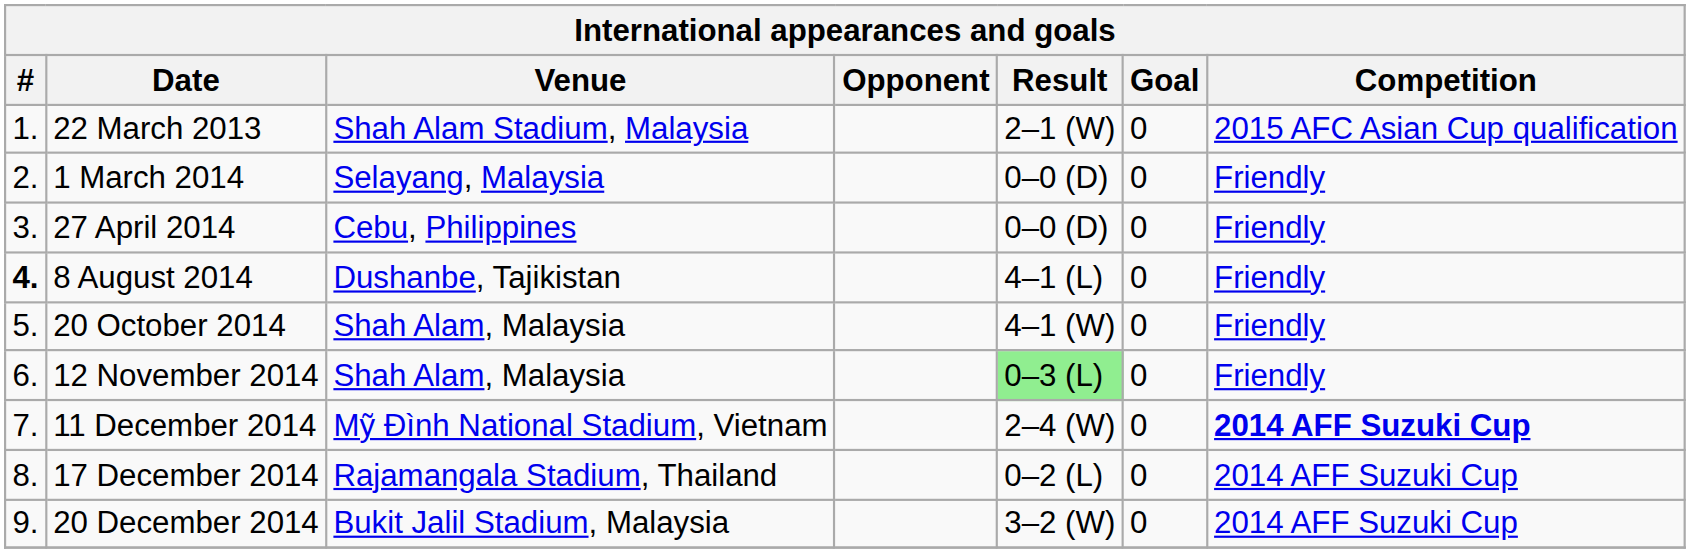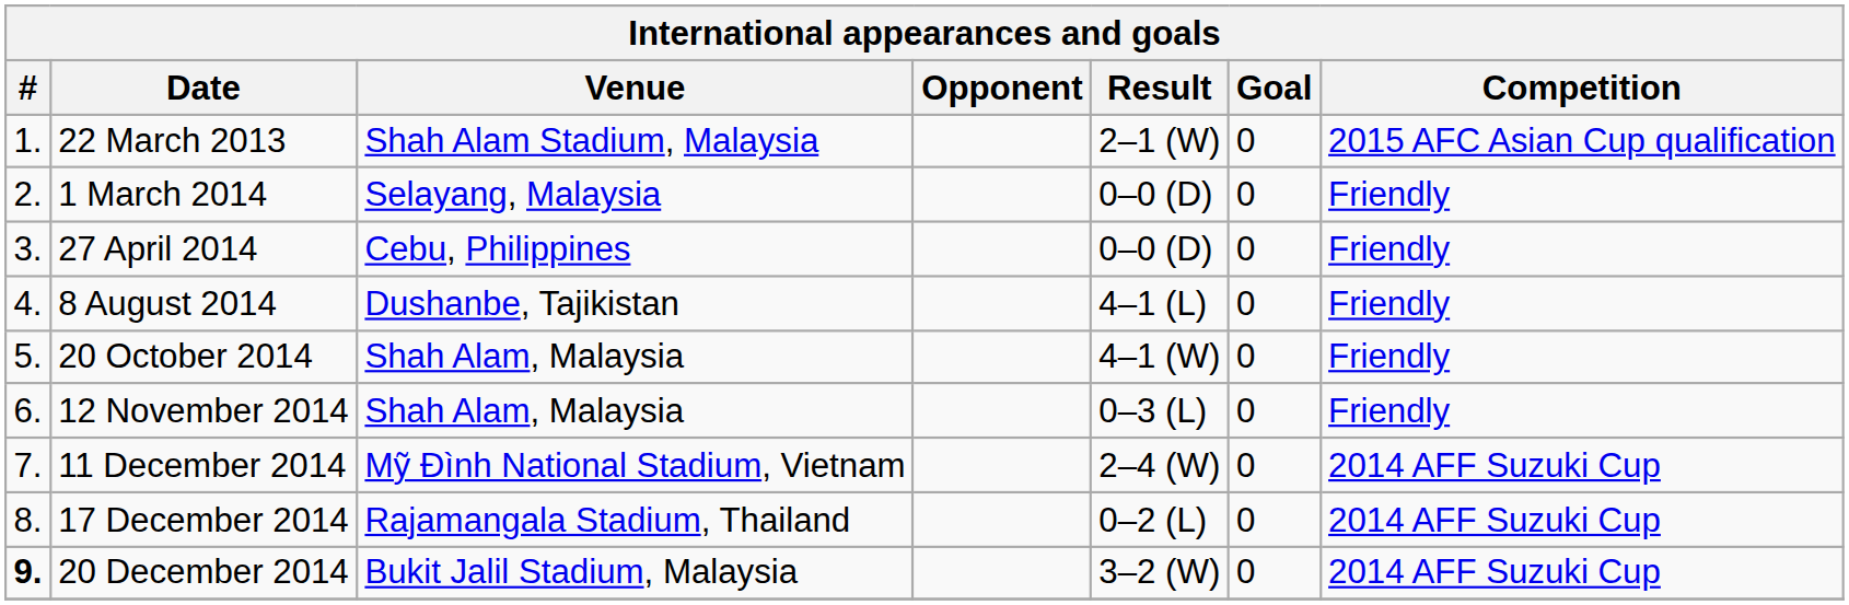 <table class="wikitable collapsible collapsed" style="font-size:90%">
 <tr>
 <th colspan=7>International appearances and goals</th>
 </tr>
 <tr>
 <th>#</th>
 <th>Date</th>
 <th>Venue</th>
 <th>Opponent</th>
 <th>Result</th>
 <th>Goal</th>
 <th>Competition</th>
 </tr>
 <tr>
 <td>1.</td>
 <td>22 March 2013</td>
 <td><a href='#'>Shah Alam Stadium</a>, <a href='#'>Malaysia</a></td>
 <td></td>
 <td>2–1 (W)</td>
 <td>0</td>
 <td><a href='#'>2015 AFC Asian Cup qualification</a></td>
 </tr>
 <tr>
 <td>2.</td>
 <td>1 March 2014</td>
 <td><a href='#'>Selayang</a>, <a href='#'>Malaysia</a></td>
 <td></td>
 <td>0–0 (D)</td>
 <td>0</td>
 <td><a href='#'>Friendly</a></td>
 </tr>
 <tr>
 <td>3.</td>
 <td>27 April 2014</td>
 <td><a href='#'>Cebu</a>, <a href='#'>Philippines</a></td>
 <td></td>
 <td>0–0 (D)</td>
 <td>0</td>
 <td><a href='#'>Friendly</a></td>
 </tr>
 <tr>
-<td><strong>4.</strong></td>
+<td>4.</td>
 <td>8 August 2014</td>
 <td><a href='#'>Dushanbe</a>, Tajikistan</td>
 <td></td>
 <td>4–1 (L)</td>
 <td>0</td>
 <td><a href='#'>Friendly</a></td>
 </tr>
 <tr>
 <td>5.</td>
 <td>20 October 2014</td>
 <td><a href='#'>Shah Alam</a>, Malaysia</td>
 <td></td>
 <td>4–1 (W)</td>
 <td>0</td>
 <td><a href='#'>Friendly</a></td>
 </tr>
 <tr>
 <td>6.</td>
 <td>12 November 2014</td>
 <td><a href='#'>Shah Alam</a>, Malaysia</td>
 <td></td>
-<td style="background: lightgreen;">0–3 (L)</td>
+<td>0–3 (L)</td>
 <td>0</td>
 <td><a href='#'>Friendly</a></td>
 </tr>
 <tr>
 <td>7.</td>
 <td>11 December 2014</td>
 <td><a href='#'>Mỹ Đình National Stadium</a>, Vietnam</td>
 <td></td>
 <td>2–4 (W)</td>
 <td>0</td>
-<td><strong><a href='#'>2014 AFF Suzuki Cup</a></strong></td>
+<td><a href='#'>2014 AFF Suzuki Cup</a></td>
 </tr>
 <tr>
 <td>8.</td>
 <td>17 December 2014</td>
 <td><a href='#'>Rajamangala Stadium</a>, Thailand</td>
 <td></td>
 <td>0–2 (L)</td>
 <td>0</td>
 <td><a href='#'>2014 AFF Suzuki Cup</a></td>
 </tr>
 <tr>
-<td>9.</td>
+<td><strong>9.</strong></td>
 <td>20 December 2014</td>
 <td><a href='#'>Bukit Jalil Stadium</a>, Malaysia</td>
 <td></td>
 <td>3–2 (W)</td>
 <td>0</td>
 <td><a href='#'>2014 AFF Suzuki Cup</a></td>
 </tr>
 <tr>
 </tr>
 </table>
